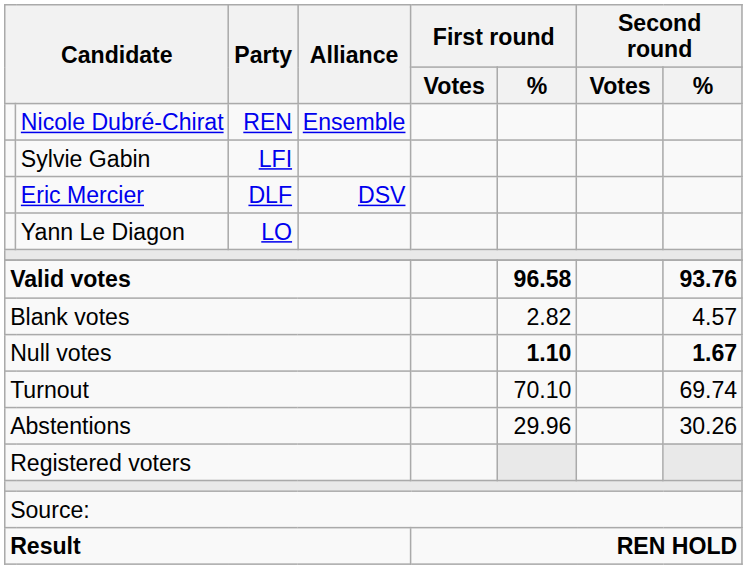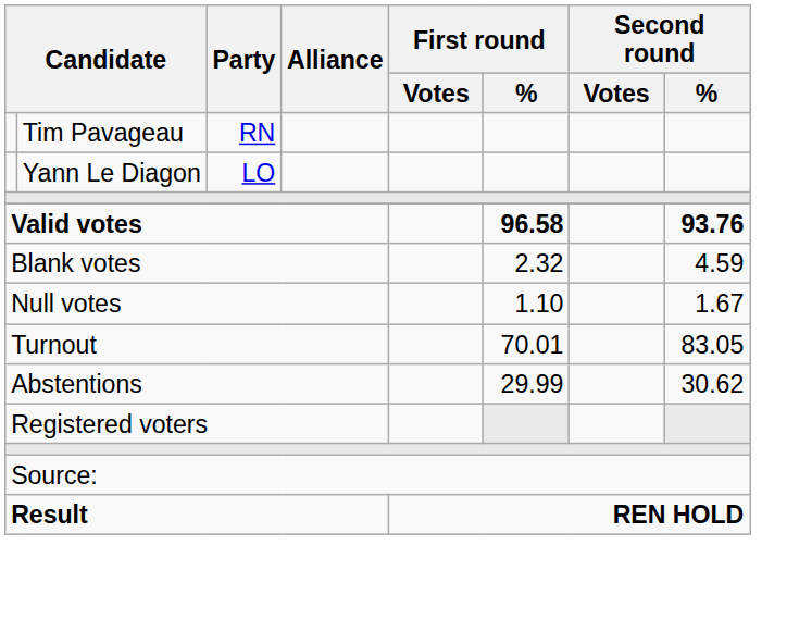 <table class="wikitable" style="text-align:right;font-size:95%;">
 <tr>
 <th colspan="2" rowspan="2">Candidate</th>
 <th colspan="1" rowspan="2">Party</th>
 <th colspan="1" rowspan="2">Alliance</th>
 <th colspan="2">First round</th>
 <th colspan="2">Second round</th>
 </tr>
 <tr>
 <th style="width:50px;">Votes</th>
 <th style="width:45px;">%</th>
 <th style="width:50px;">Votes</th>
 <th style="width:45px;">%</th>
 </tr>
 <tr>
 <td style="color:inherit;background:"></td>
-<td style="text-align:left;"><a href='#'>Nicole Dubré-Chirat</a></td>
-<td><a href='#'>REN</a></td>
-<td><a href='#'>Ensemble</a></td>
+<td style="text-align:left;">Tim Pavageau</td>
+<td><a href='#'>RN</a></td>
 <td></td>
-<td></td>
-<td><strong></strong></td>
-<td><strong></strong></td>
-</tr>
-<tr>
-<td style="color:inherit;background:"></td>
-<td style="text-align:left;">Sylvie Gabin</td>
-<td><a href='#'>LFI</a></td>
-<td></td>
-<td></td>
-<td></td>
-<td></td>
-<td></td>
-</tr>
-<tr>
-<td style="color:inherit;background:"></td>
-<td style="text-align:left;"><a href='#'>Eric Mercier</a></td>
-<td><a href='#'>DLF</a></td>
-<td><a href='#'>DSV</a></td>
 <td></td>
 <td></td>
 <td></td>
 <td></td>
 </tr>
 <tr>
 <td style="color:inherit;background:"></td>
 <td style="text-align:left;">Yann Le Diagon</td>
 <td><a href='#'>LO</a></td>
 <td></td>
 <td></td>
 <td></td>
 <td></td>
 <td></td>
 </tr>
 <tr>
 <td colspan="8" style="background:#E9E9E9;"></td>
 </tr>
 <tr>
 </tr>
 <tr style="font-weight:bold;">
 <td colspan="4" style="text-align:left;">Valid votes</td>
 <td></td>
 <td>96.58</td>
 <td></td>
 <td>93.76</td>
 </tr>
 <tr>
 <td colspan="4" style="text-align:left;">Blank votes</td>
 <td></td>
-<td>2.82</td>
+<td>2.32</td>
 <td></td>
-<td>4.57</td>
+<td>4.59</td>
 </tr>
 <tr>
 <td colspan="4" style="text-align:left;">Null votes</td>
 <td></td>
-<td><strong>1.10</strong></td>
+<td>1.10</td>
 <td></td>
-<td><strong>1.67</strong></td>
+<td>1.67</td>
 </tr>
 <tr>
 <td colspan="4" style="text-align:left;">Turnout</td>
 <td></td>
-<td>70.10</td>
+<td>70.01</td>
 <td></td>
-<td>69.74</td>
+<td>83.05</td>
 </tr>
 <tr>
 <td colspan="4" style="text-align:left;">Abstentions</td>
 <td></td>
-<td>29.96</td>
+<td>29.99</td>
 <td></td>
-<td>30.26</td>
+<td>30.62</td>
 </tr>
 <tr>
 <td colspan="4" style="text-align:left;">Registered voters</td>
 <td></td>
 <td style="background:#E9E9E9;"></td>
 <td></td>
 <td style="background:#E9E9E9;"></td>
 </tr>
 <tr>
 <td colspan="8" style="background:#E9E9E9;"></td>
 </tr>
 <tr>
 <td colspan="8" style="text-align:left;">Source: </td>
 </tr>
 <tr style="font-weight:bold">
 <td colspan="4" style="text-align:left;">Result</td>
 <td colspan="4" style="background-color:">REN HOLD</td>
 </tr>
 </table>
